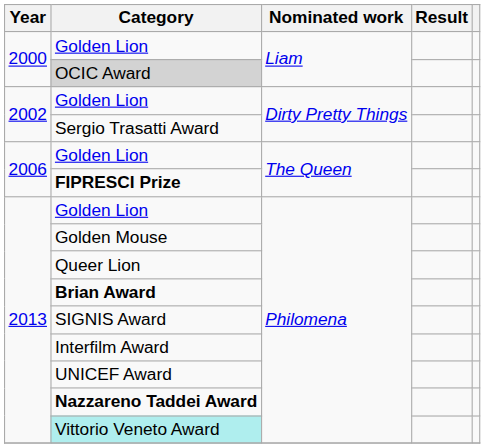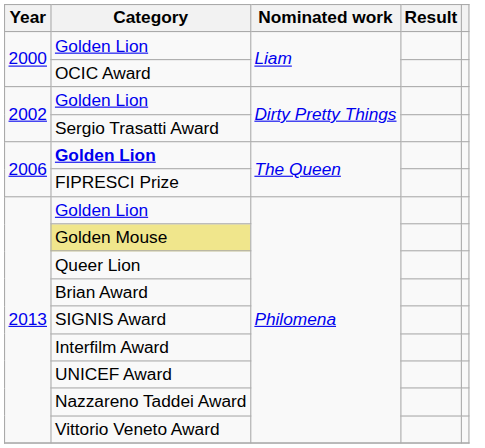 <table class="wikitable">
 <tr>
 <th>Year</th>
 <th>Category</th>
 <th>Nominated work</th>
 <th>Result</th>
 <th></th>
 </tr>
 <tr>
 <td rowspan=2><a href='#'>2000</a></td>
 <td><a href='#'>Golden Lion</a></td>
 <td rowspan=2><em><a href='#'>Liam</a></em></td>
 <td></td>
 <td></td>
 </tr>
 <tr>
-<td style="background: lightgrey;">OCIC Award</td>
+<td>OCIC Award</td>
 <td></td>
 <td></td>
 </tr>
 <tr>
 <td rowspan=2><a href='#'>2002</a></td>
 <td><a href='#'>Golden Lion</a></td>
 <td rowspan=2><em><a href='#'>Dirty Pretty Things</a></em></td>
 <td></td>
 <td></td>
 </tr>
 <tr>
 <td>Sergio Trasatti Award</td>
 <td></td>
 <td></td>
 </tr>
 <tr>
 <td rowspan=2><a href='#'>2006</a></td>
-<td><a href='#'>Golden Lion</a></td>
+<td><strong><a href='#'>Golden Lion</a></strong></td>
 <td rowspan=2><em><a href='#'>The Queen</a></em></td>
 <td></td>
 <td></td>
 </tr>
 <tr>
-<td><strong>FIPRESCI Prize</strong></td>
+<td>FIPRESCI Prize</td>
 <td></td>
 <td></td>
 </tr>
 <tr>
 <td rowspan=9><a href='#'>2013</a></td>
 <td><a href='#'>Golden Lion</a></td>
 <td rowspan=9><em><a href='#'>Philomena</a></em></td>
 <td></td>
 <td></td>
 </tr>
 <tr>
-<td>Golden Mouse</td>
+<td style="background: khaki;">Golden Mouse</td>
 <td></td>
 <td></td>
 </tr>
 <tr>
 <td>Queer Lion</td>
 <td></td>
 <td></td>
 </tr>
 <tr>
-<td><strong>Brian Award</strong></td>
+<td>Brian Award</td>
 <td></td>
 <td></td>
 </tr>
 <tr>
 <td>SIGNIS Award</td>
 <td></td>
 <td></td>
 </tr>
 <tr>
 <td>Interfilm Award</td>
 <td></td>
 <td></td>
 </tr>
 <tr>
 <td>UNICEF Award</td>
 <td></td>
 <td></td>
 </tr>
 <tr>
-<td><strong>Nazzareno Taddei Award</strong></td>
+<td>Nazzareno Taddei Award</td>
 <td></td>
 <td></td>
 </tr>
 <tr>
-<td style="background: paleturquoise;">Vittorio Veneto Award</td>
+<td>Vittorio Veneto Award</td>
 <td></td>
 <td></td>
 </tr>
 <tr>
 </tr>
 </table>
